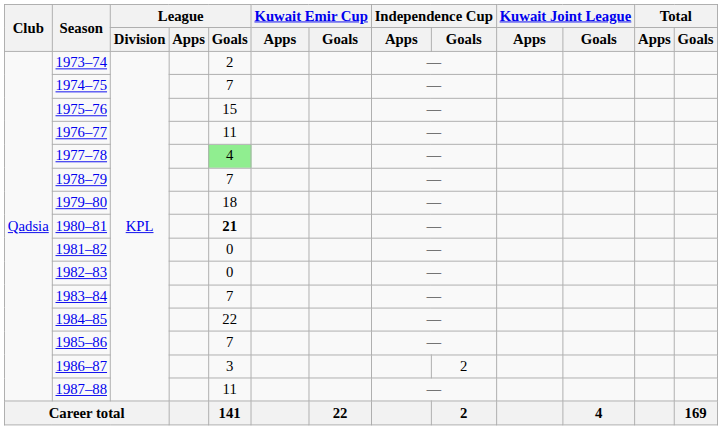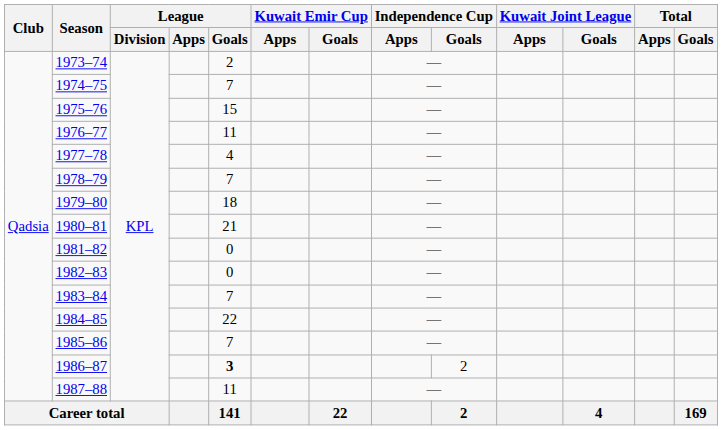 <table class="wikitable" style="text-align:center">
 <tr>
 <th rowspan="2">Club</th>
 <th rowspan="2">Season</th>
 <th colspan="3">League</th>
 <th colspan="2"><a href='#'>Kuwait Emir Cup</a></th>
 <th colspan="2">Independence Cup</th>
 <th colspan="2"><a href='#'>Kuwait Joint League</a></th>
 <th colspan="2">Total</th>
 </tr>
 <tr>
 <th>Division</th>
 <th>Apps</th>
 <th>Goals</th>
 <th>Apps</th>
 <th>Goals</th>
 <th>Apps</th>
 <th>Goals</th>
 <th>Apps</th>
 <th>Goals</th>
 <th>Apps</th>
 <th>Goals</th>
 </tr>
 <tr align=center>
 <td rowspan="15" align=center valign=center><a href='#'>Qadsia</a></td>
 <td><a href='#'>1973–74</a></td>
 <td rowspan="15"><a href='#'>KPL</a></td>
 <td></td>
 <td>2</td>
 <td></td>
 <td></td>
 <td colspan="2">—</td>
 <td></td>
 <td></td>
 <td></td>
 <td></td>
 </tr>
 <tr>
 <td><a href='#'>1974–75</a></td>
 <td></td>
 <td>7</td>
 <td></td>
 <td></td>
 <td colspan="2">—</td>
 <td></td>
 <td></td>
 <td></td>
 <td></td>
 </tr>
 <tr>
 <td><a href='#'>1975–76</a></td>
 <td></td>
 <td>15</td>
 <td></td>
 <td></td>
 <td colspan="2">—</td>
 <td></td>
 <td></td>
 <td></td>
 <td></td>
 </tr>
 <tr>
 <td><a href='#'>1976–77</a></td>
 <td></td>
 <td>11</td>
 <td></td>
 <td></td>
 <td colspan="2">—</td>
 <td></td>
 <td></td>
 <td></td>
 <td></td>
 </tr>
 <tr>
 <td><a href='#'>1977–78</a></td>
 <td></td>
-<td style="background: lightgreen;">4</td>
+<td>4</td>
 <td></td>
 <td></td>
 <td colspan="2">—</td>
 <td></td>
 <td></td>
 <td></td>
 <td></td>
 </tr>
 <tr>
 <td><a href='#'>1978–79</a></td>
 <td></td>
 <td>7</td>
 <td></td>
 <td></td>
 <td colspan="2">—</td>
 <td></td>
 <td></td>
 <td></td>
 <td></td>
 </tr>
 <tr>
 <td><a href='#'>1979–80</a></td>
 <td></td>
 <td>18</td>
 <td></td>
 <td></td>
 <td colspan="2">—</td>
 <td></td>
 <td></td>
 <td></td>
 <td></td>
 </tr>
 <tr>
 <td><a href='#'>1980–81</a></td>
 <td></td>
-<td><strong>21</strong></td>
+<td>21</td>
 <td></td>
 <td></td>
 <td colspan="2">—</td>
 <td></td>
 <td></td>
 <td></td>
 <td></td>
 </tr>
 <tr>
 <td><a href='#'>1981–82</a></td>
 <td></td>
 <td>0</td>
 <td></td>
 <td></td>
 <td colspan="2">—</td>
 <td></td>
 <td></td>
 <td></td>
 <td></td>
 </tr>
 <tr>
 <td><a href='#'>1982–83</a></td>
 <td></td>
 <td>0</td>
 <td></td>
 <td></td>
 <td colspan="2">—</td>
 <td></td>
 <td></td>
 <td></td>
 <td></td>
 </tr>
 <tr>
 <td><a href='#'>1983–84</a></td>
 <td></td>
 <td>7</td>
 <td></td>
 <td></td>
 <td colspan="2">—</td>
 <td></td>
 <td></td>
 <td></td>
 <td></td>
 </tr>
 <tr>
 <td><a href='#'>1984–85</a></td>
 <td></td>
 <td>22</td>
 <td></td>
 <td></td>
 <td colspan="2">—</td>
 <td></td>
 <td></td>
 <td></td>
 <td></td>
 </tr>
 <tr>
 <td><a href='#'>1985–86</a></td>
 <td></td>
 <td>7</td>
 <td></td>
 <td></td>
 <td colspan="2">—</td>
 <td></td>
 <td></td>
 <td></td>
 <td></td>
 </tr>
 <tr>
 <td><a href='#'>1986–87</a></td>
 <td></td>
-<td>3</td>
+<td><strong>3</strong></td>
 <td></td>
 <td></td>
 <td></td>
 <td>2</td>
 <td></td>
 <td></td>
 <td></td>
 <td></td>
 </tr>
 <tr>
 <td><a href='#'>1987–88</a></td>
 <td></td>
 <td>11</td>
 <td></td>
 <td></td>
 <td colspan="2">—</td>
 <td></td>
 <td></td>
 <td></td>
 <td></td>
 </tr>
 <tr align=center>
 <th colspan="3">Career total</th>
 <th></th>
 <th>141</th>
 <th></th>
 <th>22</th>
 <th></th>
 <th>2</th>
 <th></th>
 <th>4</th>
 <th></th>
 <th>169</th>
 </tr>
 </table>
